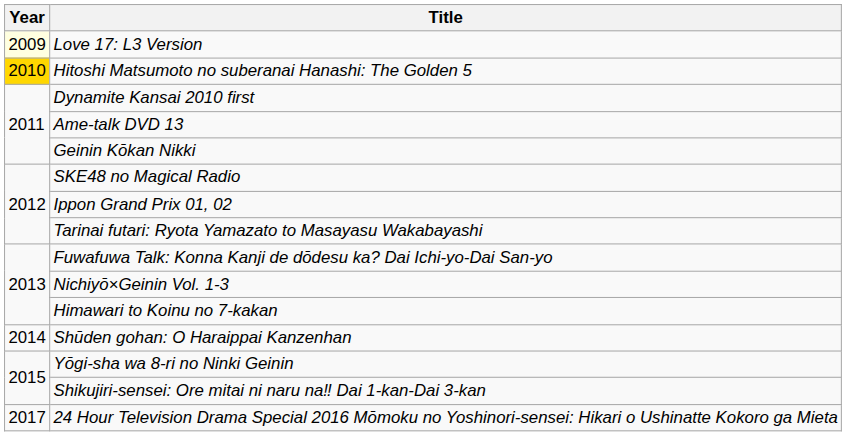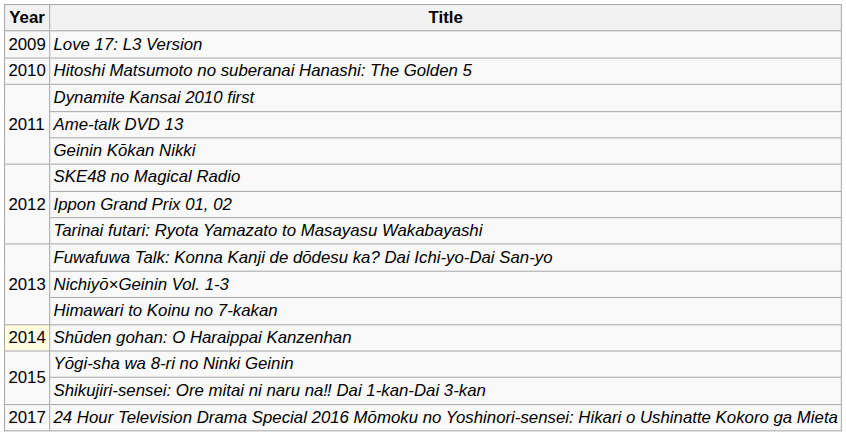 <table class="wikitable">
 <tr>
 <th>Year</th>
 <th>Title</th>
 </tr>
 <tr>
-<td style="background: lightyellow;">2009</td>
+<td>2009</td>
 <td><em>Love 17: L3 Version</em></td>
 </tr>
 <tr>
-<td style="background: gold;">2010</td>
+<td>2010</td>
 <td><em>Hitoshi Matsumoto no suberanai Hanashi: The Golden 5</em></td>
 </tr>
 <tr>
 <td rowspan="3">2011</td>
 <td><em>Dynamite Kansai 2010 first</em></td>
 </tr>
 <tr>
 <td><em>Ame-talk DVD 13</em></td>
 </tr>
 <tr>
 <td><em>Geinin Kōkan Nikki</em></td>
 </tr>
 <tr>
 <td rowspan="3">2012</td>
 <td><em>SKE48 no Magical Radio</em></td>
 </tr>
 <tr>
 <td><em>Ippon Grand Prix 01, 02</em></td>
 </tr>
 <tr>
 <td><em>Tarinai futari: Ryota Yamazato to Masayasu Wakabayashi</em></td>
 </tr>
 <tr>
 <td rowspan="3">2013</td>
 <td><em>Fuwafuwa Talk: Konna Kanji de dōdesu ka? Dai Ichi-yo-Dai San-yo</em></td>
 </tr>
 <tr>
 <td><em>Nichiyō×Geinin Vol. 1-3</em></td>
 </tr>
 <tr>
 <td><em>Himawari to Koinu no 7-kakan</em></td>
 </tr>
 <tr>
-<td>2014</td>
+<td style="background: lightyellow;">2014</td>
 <td><em>Shūden gohan: O Haraippai Kanzenhan</em></td>
 </tr>
 <tr>
 <td rowspan="2">2015</td>
 <td><em>Yōgi-sha wa 8-ri no Ninki Geinin</em></td>
 </tr>
 <tr>
 <td><em>Shikujiri-sensei: Ore mitai ni naru na‼ Dai 1-kan-Dai 3-kan</em></td>
 </tr>
 <tr>
 <td>2017</td>
 <td><em>24 Hour Television Drama Special 2016 Mōmoku no Yoshinori-sensei: Hikari o Ushinatte Kokoro ga Mieta</em></td>
 </tr>
 </table>
